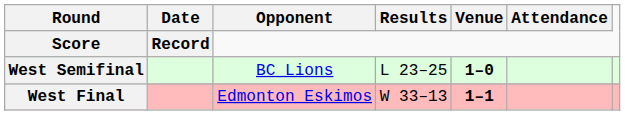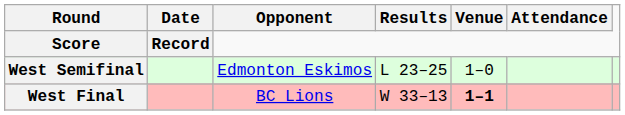 <table class="wikitable" style="text-align:center">
 <tr>
 <th>Round</th>
 <th>Date</th>
 <th>Opponent</th>
 <th>Results</th>
 <th>Venue</th>
 <th>Attendance</th>
 </tr>
 <tr>
 <th>Score</th>
 <th>Record</th>
 </tr>
 <tr style="background:#ddffdd">
 <th>West Semifinal</th>
 <td></td>
-<td><a href='#'>BC Lions</a></td>
+<td><a href='#'>Edmonton Eskimos</a></td>
 <td>L 23–25</td>
-<td><strong>1–0</strong></td>
+<td>1–0</td>
 <td></td>
 <td></td>
 </tr>
 <tr style="background:#ffbbbb">
 <th>West Final</th>
 <td></td>
-<td><a href='#'>Edmonton Eskimos</a></td>
+<td><a href='#'>BC Lions</a></td>
 <td>W 33–13</td>
 <td><strong>1–1</strong></td>
 <td></td>
 <td></td>
 </tr>
 </table>
